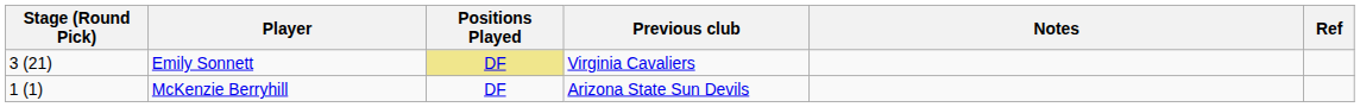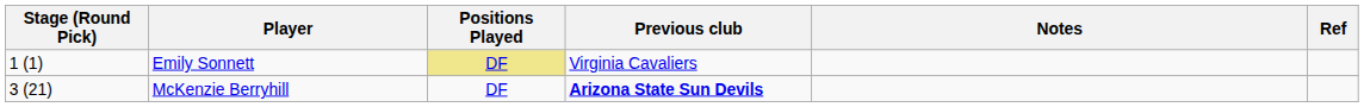 <table class="wikitable" style="text-align:left; font-size:95%;">
 <tr>
 <th style="width:125px;">Stage (Round Pick)</th>
 <th style="width:250px;">Player</th>
 <th style="width:120px;">Positions Played</th>
 <th style="width:220px;">Previous club</th>
 <th style="width:450px;">Notes</th>
 <th style="width:40px;">Ref</th>
 </tr>
 <tr>
-<td>3 (21)</td>
+<td>1 (1)</td>
 <td><a href='#'>Emily Sonnett</a></td>
 <td style="background: khaki; text-align:center;"><a href='#'>DF</a></td>
 <td> <a href='#'>Virginia Cavaliers</a></td>
 <td></td>
 <td></td>
 </tr>
 <tr>
-<td>1 (1)</td>
+<td>3 (21)</td>
 <td><a href='#'>McKenzie Berryhill</a></td>
 <td style="text-align:center;"><a href='#'>DF</a></td>
-<td> <a href='#'>Arizona State Sun Devils</a></td>
+<td><strong> <a href='#'>Arizona State Sun Devils</a></strong></td>
 <td></td>
 <td></td>
 </tr>
 </table>
